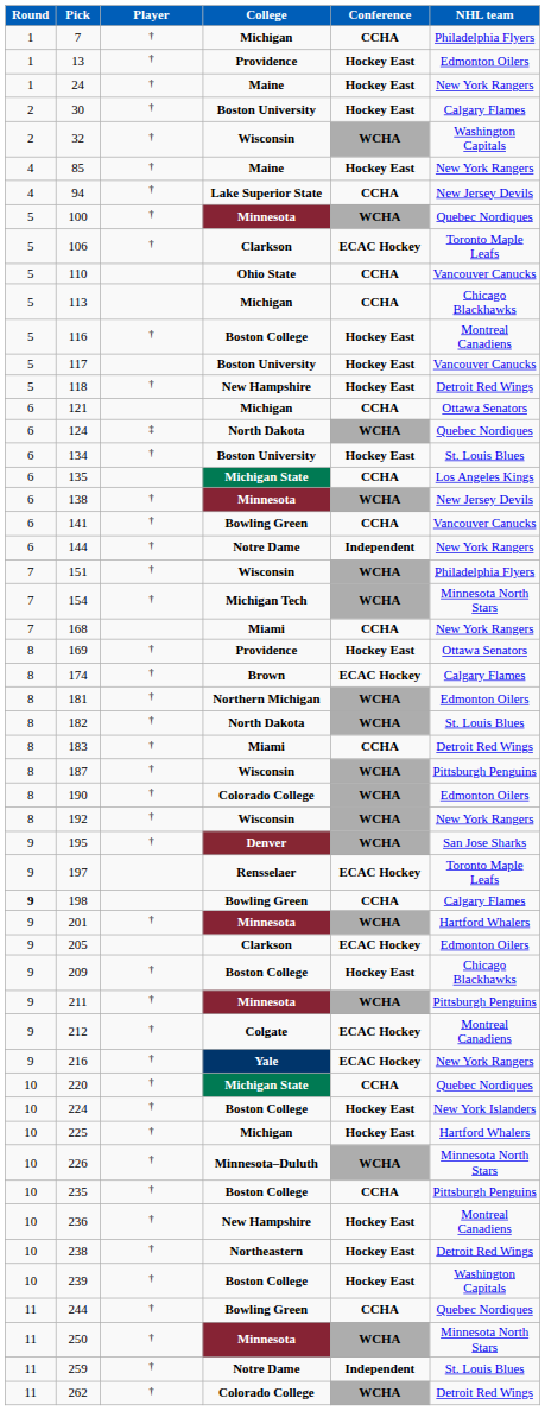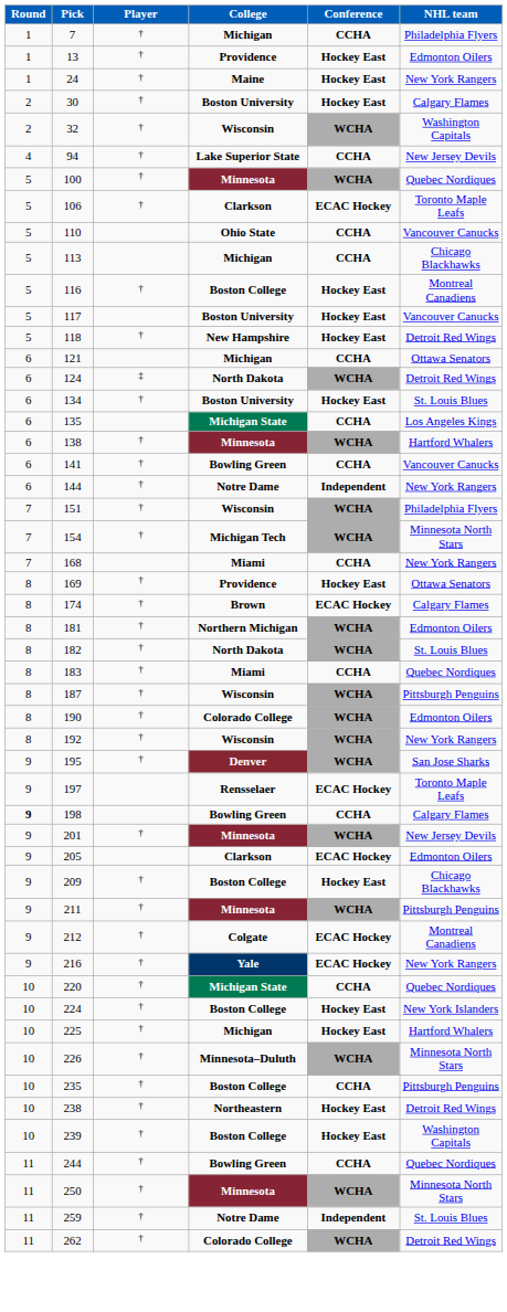 <table class="wikitable sortable" width="75%">
 <tr>
 <th style="color:white; background-color:#005EB8; width: 4em;">Round</th>
 <th style="color:white; background-color:#005EB8; width: 4em;">Pick</th>
 <th style="color:white; background-color:#005EB8; width: 12em;">Player</th>
 <th style="color:white; background-color:#005EB8; width: 13em;">College</th>
 <th style="color:white; background-color:#005EB8; width: 9em;">Conference</th>
 <th style="color:white; background-color:#005EB8; width: 11em;">NHL team</th>
 </tr>
 <tr align="center" bgcolor="">
 <td>1</td>
 <td>7</td>
 <td> <sup>†</sup></td>
 <td><strong>Michigan</strong></td>
 <td><strong>CCHA</strong></td>
 <td><a href='#'>Philadelphia Flyers</a></td>
 </tr>
 <tr align="center" bgcolor="">
 <td>1</td>
 <td>13</td>
 <td> <sup>†</sup></td>
 <td><strong>Providence</strong></td>
 <td><strong>Hockey East</strong></td>
 <td><a href='#'>Edmonton Oilers</a></td>
 </tr>
 <tr align="center" bgcolor="">
 <td>1</td>
 <td>24</td>
 <td> <sup>†</sup></td>
 <td><strong>Maine</strong></td>
 <td><strong>Hockey East</strong></td>
 <td><a href='#'>New York Rangers</a></td>
 </tr>
 <tr align="center" bgcolor="">
 <td>2</td>
 <td>30</td>
 <td> <sup>†</sup></td>
 <td><strong>Boston University</strong></td>
 <td><strong>Hockey East</strong></td>
 <td><a href='#'>Calgary Flames</a></td>
 </tr>
 <tr align="center" bgcolor="">
 <td>2</td>
 <td>32</td>
 <td> <sup>†</sup></td>
 <td><strong>Wisconsin</strong></td>
 <td style="color:black; background:#ADADAD; "><strong>WCHA</strong></td>
 <td><a href='#'>Washington Capitals</a></td>
-</tr>
-<tr align="center" bgcolor="">
-<td>4</td>
-<td>85</td>
-<td> <sup>†</sup></td>
-<td><strong>Maine</strong></td>
-<td><strong>Hockey East</strong></td>
-<td><a href='#'>New York Rangers</a></td>
 </tr>
 <tr align="center" bgcolor="">
 <td>4</td>
 <td>94</td>
 <td> <sup>†</sup></td>
 <td><strong>Lake Superior State</strong></td>
 <td><strong>CCHA</strong></td>
 <td><a href='#'>New Jersey Devils</a></td>
 </tr>
 <tr align="center" bgcolor="">
 <td>5</td>
 <td>100</td>
 <td> <sup>†</sup></td>
 <td style="color:white; background:#862334; "><strong>Minnesota</strong></td>
 <td style="color:black; background:#ADADAD; "><strong>WCHA</strong></td>
 <td><a href='#'>Quebec Nordiques</a></td>
 </tr>
 <tr align="center" bgcolor="">
 <td>5</td>
 <td>106</td>
 <td> <sup>†</sup></td>
 <td><strong>Clarkson</strong></td>
 <td><strong>ECAC Hockey</strong></td>
 <td><a href='#'>Toronto Maple Leafs</a></td>
 </tr>
 <tr align="center" bgcolor="">
 <td>5</td>
 <td>110</td>
 <td></td>
 <td><strong>Ohio State</strong></td>
 <td><strong>CCHA</strong></td>
 <td><a href='#'>Vancouver Canucks</a></td>
 </tr>
 <tr align="center" bgcolor="">
 <td>5</td>
 <td>113</td>
 <td></td>
 <td><strong>Michigan</strong></td>
 <td><strong>CCHA</strong></td>
 <td><a href='#'>Chicago Blackhawks</a></td>
 </tr>
 <tr align="center" bgcolor="">
 <td>5</td>
 <td>116</td>
 <td> <sup>†</sup></td>
 <td><strong>Boston College</strong></td>
 <td><strong>Hockey East</strong></td>
 <td><a href='#'>Montreal Canadiens</a></td>
 </tr>
 <tr align="center" bgcolor="">
 <td>5</td>
 <td>117</td>
 <td></td>
 <td><strong>Boston University</strong></td>
 <td><strong>Hockey East</strong></td>
 <td><a href='#'>Vancouver Canucks</a></td>
 </tr>
 <tr align="center" bgcolor="">
 <td>5</td>
 <td>118</td>
 <td> <sup>†</sup></td>
 <td><strong>New Hampshire</strong></td>
 <td><strong>Hockey East</strong></td>
 <td><a href='#'>Detroit Red Wings</a></td>
 </tr>
 <tr align="center" bgcolor="">
 <td>6</td>
 <td>121</td>
 <td></td>
 <td><strong>Michigan</strong></td>
 <td><strong>CCHA</strong></td>
 <td><a href='#'>Ottawa Senators</a></td>
 </tr>
 <tr align="center" bgcolor="">
 <td>6</td>
 <td>124</td>
 <td> <sup>‡</sup></td>
 <td><strong>North Dakota</strong></td>
 <td style="color:black; background:#ADADAD; "><strong>WCHA</strong></td>
-<td><a href='#'>Quebec Nordiques</a></td>
+<td><a href='#'>Detroit Red Wings</a></td>
 </tr>
 <tr align="center" bgcolor="">
 <td>6</td>
 <td>134</td>
 <td> <sup>†</sup></td>
 <td><strong>Boston University</strong></td>
 <td><strong>Hockey East</strong></td>
 <td><a href='#'>St. Louis Blues</a></td>
 </tr>
 <tr align="center" bgcolor="">
 <td>6</td>
 <td>135</td>
 <td></td>
 <td style="color:white; background:#007A53"><strong>Michigan State</strong></td>
 <td><strong>CCHA</strong></td>
 <td><a href='#'>Los Angeles Kings</a></td>
 </tr>
 <tr align="center" bgcolor="">
 <td>6</td>
 <td>138</td>
 <td> <sup>†</sup></td>
 <td style="color:white; background:#862334; "><strong>Minnesota</strong></td>
 <td style="color:black; background:#ADADAD; "><strong>WCHA</strong></td>
-<td><a href='#'>New Jersey Devils</a></td>
+<td><a href='#'>Hartford Whalers</a></td>
 </tr>
 <tr align="center" bgcolor="">
 <td>6</td>
 <td>141</td>
 <td> <sup>†</sup></td>
 <td><strong>Bowling Green</strong></td>
 <td><strong>CCHA</strong></td>
 <td><a href='#'>Vancouver Canucks</a></td>
 </tr>
 <tr align="center" bgcolor="">
 <td>6</td>
 <td>144</td>
 <td> <sup>†</sup></td>
 <td><strong>Notre Dame</strong></td>
 <td><strong>Independent</strong></td>
 <td><a href='#'>New York Rangers</a></td>
 </tr>
 <tr align="center" bgcolor="">
 <td>7</td>
 <td>151</td>
 <td> <sup>†</sup></td>
 <td><strong>Wisconsin</strong></td>
 <td style="color:black; background:#ADADAD; "><strong>WCHA</strong></td>
 <td><a href='#'>Philadelphia Flyers</a></td>
 </tr>
 <tr align="center" bgcolor="">
 <td>7</td>
 <td>154</td>
 <td> <sup>†</sup></td>
 <td><strong>Michigan Tech</strong></td>
 <td style="color:black; background:#ADADAD; "><strong>WCHA</strong></td>
 <td><a href='#'>Minnesota North Stars</a></td>
 </tr>
 <tr align="center" bgcolor="">
 <td>7</td>
 <td>168</td>
 <td></td>
 <td><strong>Miami</strong></td>
 <td><strong>CCHA</strong></td>
 <td><a href='#'>New York Rangers</a></td>
 </tr>
 <tr align="center" bgcolor="">
 <td>8</td>
 <td>169</td>
 <td> <sup>†</sup></td>
 <td><strong>Providence</strong></td>
 <td><strong>Hockey East</strong></td>
 <td><a href='#'>Ottawa Senators</a></td>
 </tr>
 <tr align="center" bgcolor="">
 <td>8</td>
 <td>174</td>
 <td> <sup>†</sup></td>
 <td><strong>Brown</strong></td>
 <td><strong>ECAC Hockey</strong></td>
 <td><a href='#'>Calgary Flames</a></td>
 </tr>
 <tr align="center" bgcolor="">
 <td>8</td>
 <td>181</td>
 <td> <sup>†</sup></td>
 <td><strong>Northern Michigan</strong></td>
 <td style="color:black; background:#ADADAD; "><strong>WCHA</strong></td>
 <td><a href='#'>Edmonton Oilers</a></td>
 </tr>
 <tr align="center" bgcolor="">
 <td>8</td>
 <td>182</td>
 <td> <sup>†</sup></td>
 <td><strong>North Dakota</strong></td>
 <td style="color:black; background:#ADADAD; "><strong>WCHA</strong></td>
 <td><a href='#'>St. Louis Blues</a></td>
 </tr>
 <tr align="center" bgcolor="">
 <td>8</td>
 <td>183</td>
 <td> <sup>†</sup></td>
 <td><strong>Miami</strong></td>
 <td><strong>CCHA</strong></td>
-<td><a href='#'>Detroit Red Wings</a></td>
+<td><a href='#'>Quebec Nordiques</a></td>
 </tr>
 <tr align="center" bgcolor="">
 <td>8</td>
 <td>187</td>
 <td> <sup>†</sup></td>
 <td><strong>Wisconsin</strong></td>
 <td style="color:black; background:#ADADAD; "><strong>WCHA</strong></td>
 <td><a href='#'>Pittsburgh Penguins</a></td>
 </tr>
 <tr align="center" bgcolor="">
 <td>8</td>
 <td>190</td>
 <td> <sup>†</sup></td>
 <td><strong>Colorado College</strong></td>
 <td style="color:black; background:#ADADAD; "><strong>WCHA</strong></td>
 <td><a href='#'>Edmonton Oilers</a></td>
 </tr>
 <tr align="center" bgcolor="">
 <td>8</td>
 <td>192</td>
 <td> <sup>†</sup></td>
 <td><strong>Wisconsin</strong></td>
 <td style="color:black; background:#ADADAD; "><strong>WCHA</strong></td>
 <td><a href='#'>New York Rangers</a></td>
 </tr>
 <tr align="center" bgcolor="">
 <td>9</td>
 <td>195</td>
 <td> <sup>†</sup></td>
 <td style="color:white; background:#862633; "><strong>Denver</strong></td>
 <td style="color:black; background:#ADADAD; "><strong>WCHA</strong></td>
 <td><a href='#'>San Jose Sharks</a></td>
 </tr>
 <tr align="center" bgcolor="">
 <td>9</td>
 <td>197</td>
 <td></td>
 <td><strong>Rensselaer</strong></td>
 <td><strong>ECAC Hockey</strong></td>
 <td><a href='#'>Toronto Maple Leafs</a></td>
 </tr>
 <tr align="center" bgcolor="">
 <td><strong>9</strong></td>
 <td>198</td>
 <td></td>
 <td><strong>Bowling Green</strong></td>
 <td><strong>CCHA</strong></td>
 <td><a href='#'>Calgary Flames</a></td>
 </tr>
 <tr align="center" bgcolor="">
 <td>9</td>
 <td>201</td>
 <td> <sup>†</sup></td>
 <td style="color:white; background:#862334; "><strong>Minnesota</strong></td>
 <td style="color:black; background:#ADADAD; "><strong>WCHA</strong></td>
-<td><a href='#'>Hartford Whalers</a></td>
+<td><a href='#'>New Jersey Devils</a></td>
 </tr>
 <tr align="center" bgcolor="">
 <td>9</td>
 <td>205</td>
 <td></td>
 <td><strong>Clarkson</strong></td>
 <td><strong>ECAC Hockey</strong></td>
 <td><a href='#'>Edmonton Oilers</a></td>
 </tr>
 <tr align="center" bgcolor="">
 <td>9</td>
 <td>209</td>
 <td> <sup>†</sup></td>
 <td><strong>Boston College</strong></td>
 <td><strong>Hockey East</strong></td>
 <td><a href='#'>Chicago Blackhawks</a></td>
 </tr>
 <tr align="center" bgcolor="">
 <td>9</td>
 <td>211</td>
 <td> <sup>†</sup></td>
 <td style="color:white; background:#862334; "><strong>Minnesota</strong></td>
 <td style="color:black; background:#ADADAD; "><strong>WCHA</strong></td>
 <td><a href='#'>Pittsburgh Penguins</a></td>
 </tr>
 <tr align="center" bgcolor="">
 <td>9</td>
 <td>212</td>
 <td> <sup>†</sup></td>
 <td><strong>Colgate</strong></td>
 <td><strong>ECAC Hockey</strong></td>
 <td><a href='#'>Montreal Canadiens</a></td>
 </tr>
 <tr align="center" bgcolor="">
 <td>9</td>
 <td>216</td>
 <td> <sup>†</sup></td>
 <td style="color:white; background:#00356B"><strong>Yale</strong></td>
 <td><strong>ECAC Hockey</strong></td>
 <td><a href='#'>New York Rangers</a></td>
 </tr>
 <tr align="center" bgcolor="">
 <td>10</td>
 <td>220</td>
 <td> <sup>†</sup></td>
 <td style="color:white; background:#007A53"><strong>Michigan State</strong></td>
 <td><strong>CCHA</strong></td>
 <td><a href='#'>Quebec Nordiques</a></td>
 </tr>
 <tr align="center" bgcolor="">
 <td>10</td>
 <td>224</td>
 <td> <sup>†</sup></td>
 <td><strong>Boston College</strong></td>
 <td><strong>Hockey East</strong></td>
 <td><a href='#'>New York Islanders</a></td>
 </tr>
 <tr align="center" bgcolor="">
 <td>10</td>
 <td>225</td>
 <td> <sup>†</sup></td>
 <td><strong>Michigan</strong></td>
 <td><strong>Hockey East</strong></td>
 <td><a href='#'>Hartford Whalers</a></td>
 </tr>
 <tr align="center" bgcolor="">
 <td>10</td>
 <td>226</td>
 <td> <sup>†</sup></td>
 <td><strong>Minnesota–Duluth</strong></td>
 <td style="color:black; background:#ADADAD; "><strong>WCHA</strong></td>
 <td><a href='#'>Minnesota North Stars</a></td>
 </tr>
 <tr align="center" bgcolor="">
 <td>10</td>
 <td>235</td>
 <td> <sup>†</sup></td>
 <td><strong>Boston College</strong></td>
 <td><strong>CCHA</strong></td>
 <td><a href='#'>Pittsburgh Penguins</a></td>
 </tr>
 <tr align="center" bgcolor="">
 <td>10</td>
-<td>236</td>
-<td> <sup>†</sup></td>
-<td><strong>New Hampshire</strong></td>
-<td><strong>Hockey East</strong></td>
-<td><a href='#'>Montreal Canadiens</a></td>
-</tr>
-<tr align="center" bgcolor="">
-<td>10</td>
 <td>238</td>
 <td> <sup>†</sup></td>
 <td><strong>Northeastern</strong></td>
 <td><strong>Hockey East</strong></td>
 <td><a href='#'>Detroit Red Wings</a></td>
 </tr>
 <tr align="center" bgcolor="">
 <td>10</td>
 <td>239</td>
 <td> <sup>†</sup></td>
 <td><strong>Boston College</strong></td>
 <td><strong>Hockey East</strong></td>
 <td><a href='#'>Washington Capitals</a></td>
 </tr>
 <tr align="center" bgcolor="">
 <td>11</td>
 <td>244</td>
 <td> <sup>†</sup></td>
 <td><strong>Bowling Green</strong></td>
 <td><strong>CCHA</strong></td>
 <td><a href='#'>Quebec Nordiques</a></td>
 </tr>
 <tr align="center" bgcolor="">
 <td>11</td>
 <td>250</td>
 <td> <sup>†</sup></td>
 <td style="color:white; background:#862334; "><strong>Minnesota</strong></td>
 <td style="color:black; background:#ADADAD; "><strong>WCHA</strong></td>
 <td><a href='#'>Minnesota North Stars</a></td>
 </tr>
 <tr align="center" bgcolor="">
 <td>11</td>
 <td>259</td>
 <td> <sup>†</sup></td>
 <td><strong>Notre Dame</strong></td>
 <td><strong>Independent</strong></td>
 <td><a href='#'>St. Louis Blues</a></td>
 </tr>
 <tr align="center" bgcolor="">
 <td>11</td>
 <td>262</td>
 <td> <sup>†</sup></td>
 <td><strong>Colorado College</strong></td>
 <td style="color:black; background:#ADADAD; "><strong>WCHA</strong></td>
 <td><a href='#'>Detroit Red Wings</a></td>
 </tr>
 </table>
